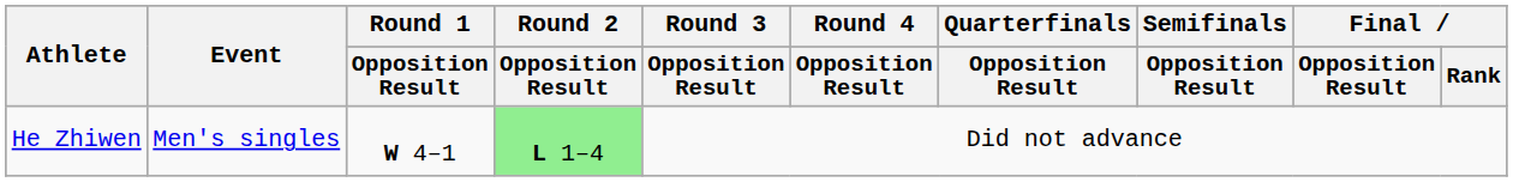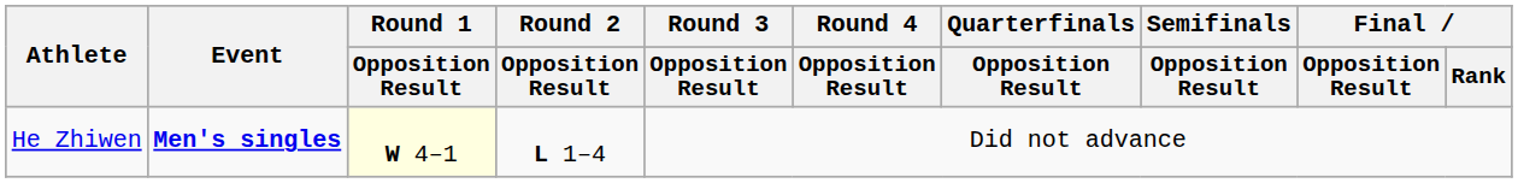 <table class="wikitable" style="font-size:90%">
 <tr>
 <th rowspan="2">Athlete</th>
 <th rowspan="2">Event</th>
 <th>Round 1</th>
 <th>Round 2</th>
 <th>Round 3</th>
 <th>Round 4</th>
 <th>Quarterfinals</th>
 <th>Semifinals</th>
 <th colspan=2>Final / </th>
 </tr>
 <tr style="font-size:95%">
 <th>Opposition<br>Result</th>
 <th>Opposition<br>Result</th>
 <th>Opposition<br>Result</th>
 <th>Opposition<br>Result</th>
 <th>Opposition<br>Result</th>
 <th>Opposition<br>Result</th>
 <th>Opposition<br>Result</th>
 <th>Rank</th>
 </tr>
 <tr align=center>
 <td align=left><a href='#'>He Zhiwen</a></td>
-<td align=left><a href='#'>Men's singles</a></td>
-<td><br><strong>W</strong> 4–1</td>
-<td style="background: lightgreen;"><br><strong>L</strong> 1–4</td>
+<td align=left><strong><a href='#'>Men's singles</a></strong></td>
+<td style="background: lightyellow;"><br><strong>W</strong> 4–1</td>
+<td><br><strong>L</strong> 1–4</td>
 <td colspan=6>Did not advance</td>
 </tr>
 </table>
